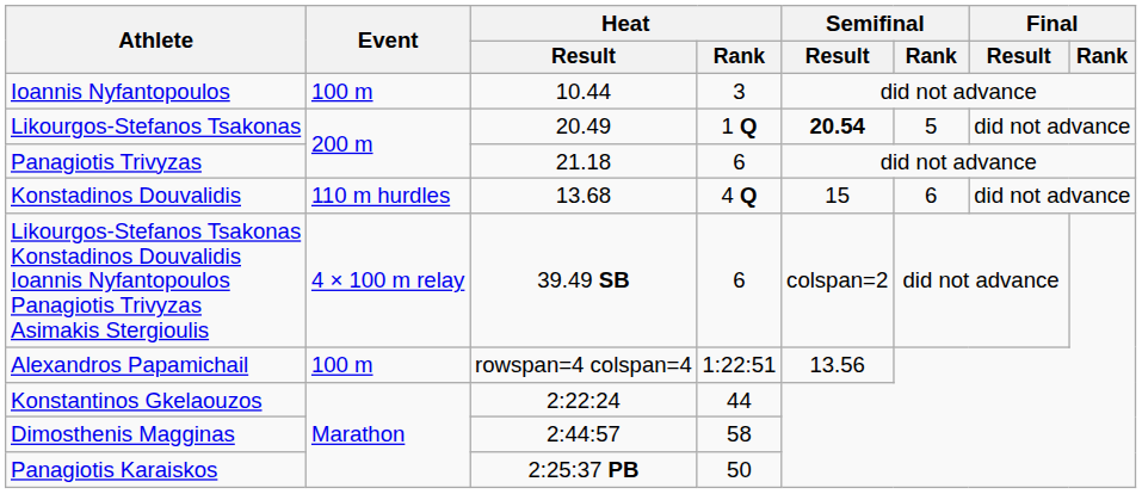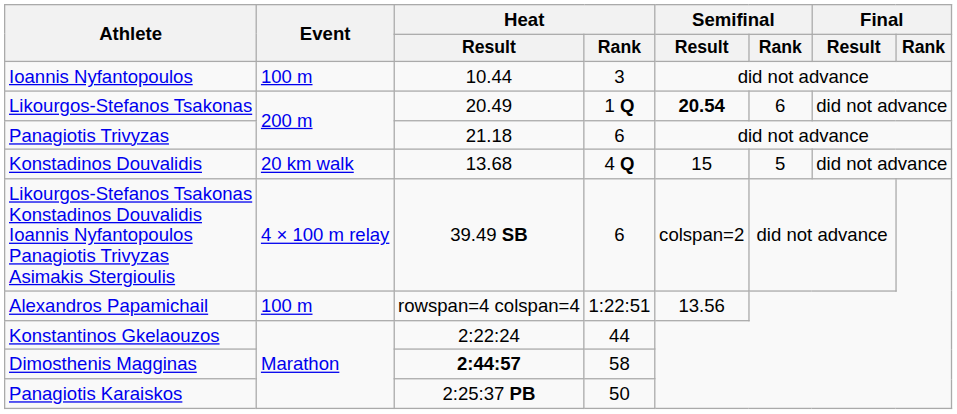 <table class="wikitable" style="font-size:90%">
 <tr>
 <th rowspan=2>Athlete</th>
 <th rowspan=2>Event</th>
 <th colspan=2>Heat</th>
 <th colspan=2>Semifinal</th>
 <th colspan=2>Final</th>
 </tr>
 <tr style="font-size:95%">
 <th>Result</th>
 <th>Rank</th>
 <th>Result</th>
 <th>Rank</th>
 <th>Result</th>
 <th>Rank</th>
 </tr>
 <tr align="center">
 <td align=left><a href='#'>Ioannis Nyfantopoulos</a></td>
 <td style="text-align:left;"><a href='#'>100 m</a></td>
 <td>10.44</td>
 <td>3</td>
 <td colspan=4>did not advance</td>
 </tr>
 <tr align="center">
 <td align=left><a href='#'>Likourgos-Stefanos Tsakonas</a></td>
 <td rowspan=2 style="text-align:left;"><a href='#'>200 m</a></td>
 <td>20.49</td>
 <td>1 <strong>Q</strong></td>
 <td><strong>20.54</strong></td>
-<td>5</td>
+<td>6</td>
 <td colspan=2>did not advance</td>
 </tr>
 <tr align="center">
 <td align=left><a href='#'>Panagiotis Trivyzas</a></td>
 <td>21.18</td>
 <td>6</td>
 <td colspan=4>did not advance</td>
 </tr>
 <tr align=center>
 <td align=left><a href='#'>Konstadinos Douvalidis</a></td>
-<td style="text-align:left;"><a href='#'>110 m hurdles</a></td>
+<td align=left><a href='#'>20 km walk</a></td>
 <td>13.68</td>
 <td>4 <strong>Q</strong></td>
 <td>15</td>
-<td>6</td>
+<td>5</td>
 <td colspan=4>did not advance</td>
 </tr>
 <tr align=center>
 <td align=left><a href='#'>Likourgos-Stefanos Tsakonas</a><br><a href='#'>Konstadinos Douvalidis</a><br><a href='#'>Ioannis Nyfantopoulos</a><br><a href='#'>Panagiotis Trivyzas</a><br><a href='#'>Asimakis Stergioulis</a></td>
 <td align=left><a href='#'>4 × 100 m relay</a></td>
 <td>39.49 <strong>SB</strong></td>
 <td>6</td>
 <td>colspan=2 </td>
 <td colspan=2>did not advance</td>
 </tr>
 <tr align=center>
 <td align=left><a href='#'>Alexandros Papamichail</a></td>
 <td style="text-align:left;"><a href='#'>100 m</a></td>
 <td>rowspan=4 colspan=4 </td>
 <td>1:22:51</td>
 <td>13.56</td>
 </tr>
 <tr align="center">
 <td align=left><a href='#'>Konstantinos Gkelaouzos</a></td>
 <td rowspan=3 style="text-align:left;"><a href='#'>Marathon</a></td>
 <td>2:22:24</td>
 <td>44</td>
 </tr>
 <tr align="center">
 <td align=left><a href='#'>Dimosthenis Magginas</a></td>
-<td>2:44:57</td>
+<td><strong>2:44:57</strong></td>
 <td>58</td>
 </tr>
 <tr align="center">
 <td align=left><a href='#'>Panagiotis Karaiskos</a></td>
 <td>2:25:37 <strong>PB</strong></td>
 <td>50</td>
 </tr>
 </table>
